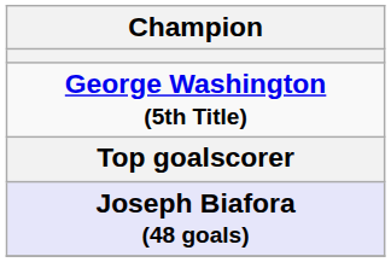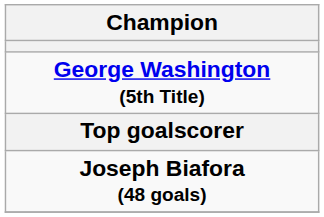 <table class="wikitable" style="margin: 0 auto; width: 220px;">
 <tr>
 <th>Champion</th>
 </tr>
 <tr>
 <th></th>
 </tr>
 <tr>
 <td align="center"><strong><a href='#'>George Washington</a></strong><br><small><strong>(5th Title)</strong></small></td>
 </tr>
 <tr>
 <th>Top goalscorer</th>
 </tr>
 <tr>
-<td align="center" style="background: lavender;"><strong>Joseph Biafora</strong><br><small><strong>(48 goals)</strong></small></td>
+<td align="center"><strong>Joseph Biafora</strong><br><small><strong>(48 goals)</strong></small></td>
 </tr>
 <tr>
 </tr>
 </table>
